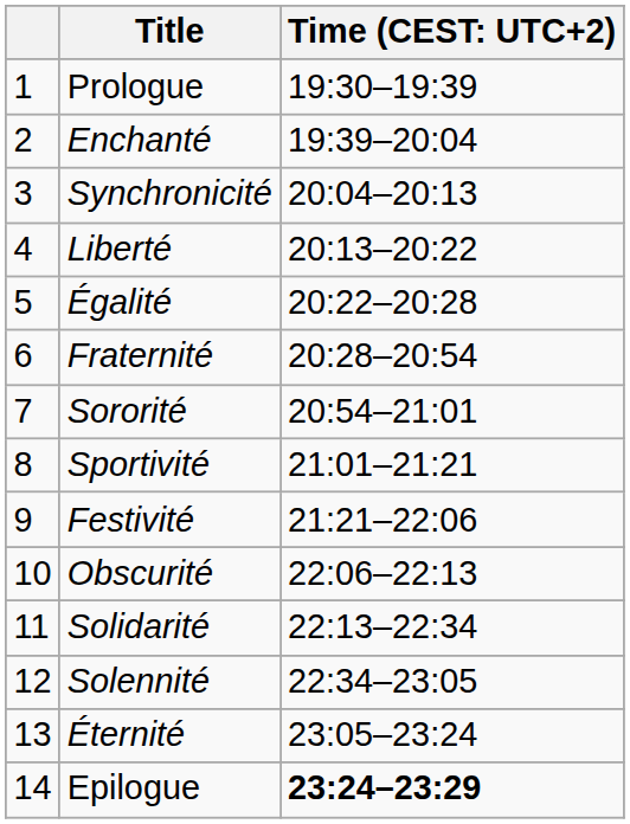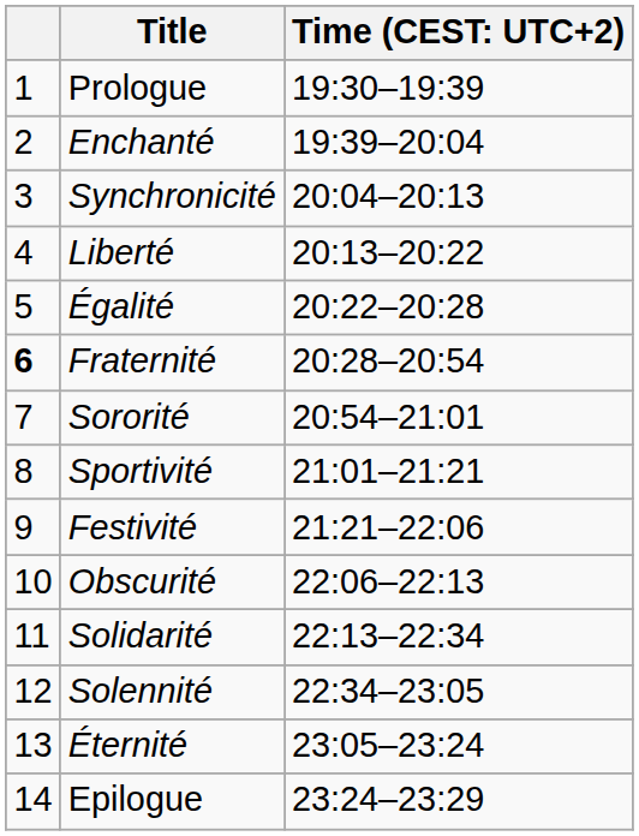 <table class="wikitable">
 <tr>
 <th></th>
 <th>Title</th>
 <th>Time (CEST: UTC+2)</th>
 </tr>
 <tr>
 <td>1</td>
 <td>Prologue</td>
 <td>19:30–19:39</td>
 </tr>
 <tr>
 <td>2</td>
 <td><em>Enchanté</em></td>
 <td>19:39–20:04</td>
 </tr>
 <tr>
 <td>3</td>
 <td><em>Synchronicité</em></td>
 <td>20:04–20:13</td>
 </tr>
 <tr>
 <td>4</td>
 <td><em>Liberté</em></td>
 <td>20:13–20:22</td>
 </tr>
 <tr>
 <td>5</td>
 <td><em>Égalité</em></td>
 <td>20:22–20:28</td>
 </tr>
 <tr>
-<td>6</td>
+<td><strong>6</strong></td>
 <td><em>Fraternité</em></td>
 <td>20:28–20:54</td>
 </tr>
 <tr>
 <td>7</td>
 <td><em>Sororité</em></td>
 <td>20:54–21:01</td>
 </tr>
 <tr>
 <td>8</td>
 <td><em>Sportivité</em></td>
 <td>21:01–21:21</td>
 </tr>
 <tr>
 <td>9</td>
 <td><em>Festivité</em></td>
 <td>21:21–22:06</td>
 </tr>
 <tr>
 <td>10</td>
 <td><em>Obscurité</em></td>
 <td>22:06–22:13</td>
 </tr>
 <tr>
 <td>11</td>
 <td><em>Solidarité</em></td>
 <td>22:13–22:34</td>
 </tr>
 <tr>
 <td>12</td>
 <td><em>Solennité</em></td>
 <td>22:34–23:05</td>
 </tr>
 <tr>
 <td>13</td>
 <td><em>Éternité</em></td>
 <td>23:05–23:24</td>
 </tr>
 <tr>
 <td>14</td>
 <td>Epilogue</td>
-<td><strong>23:24–23:29</strong></td>
+<td>23:24–23:29</td>
 </tr>
 </table>
